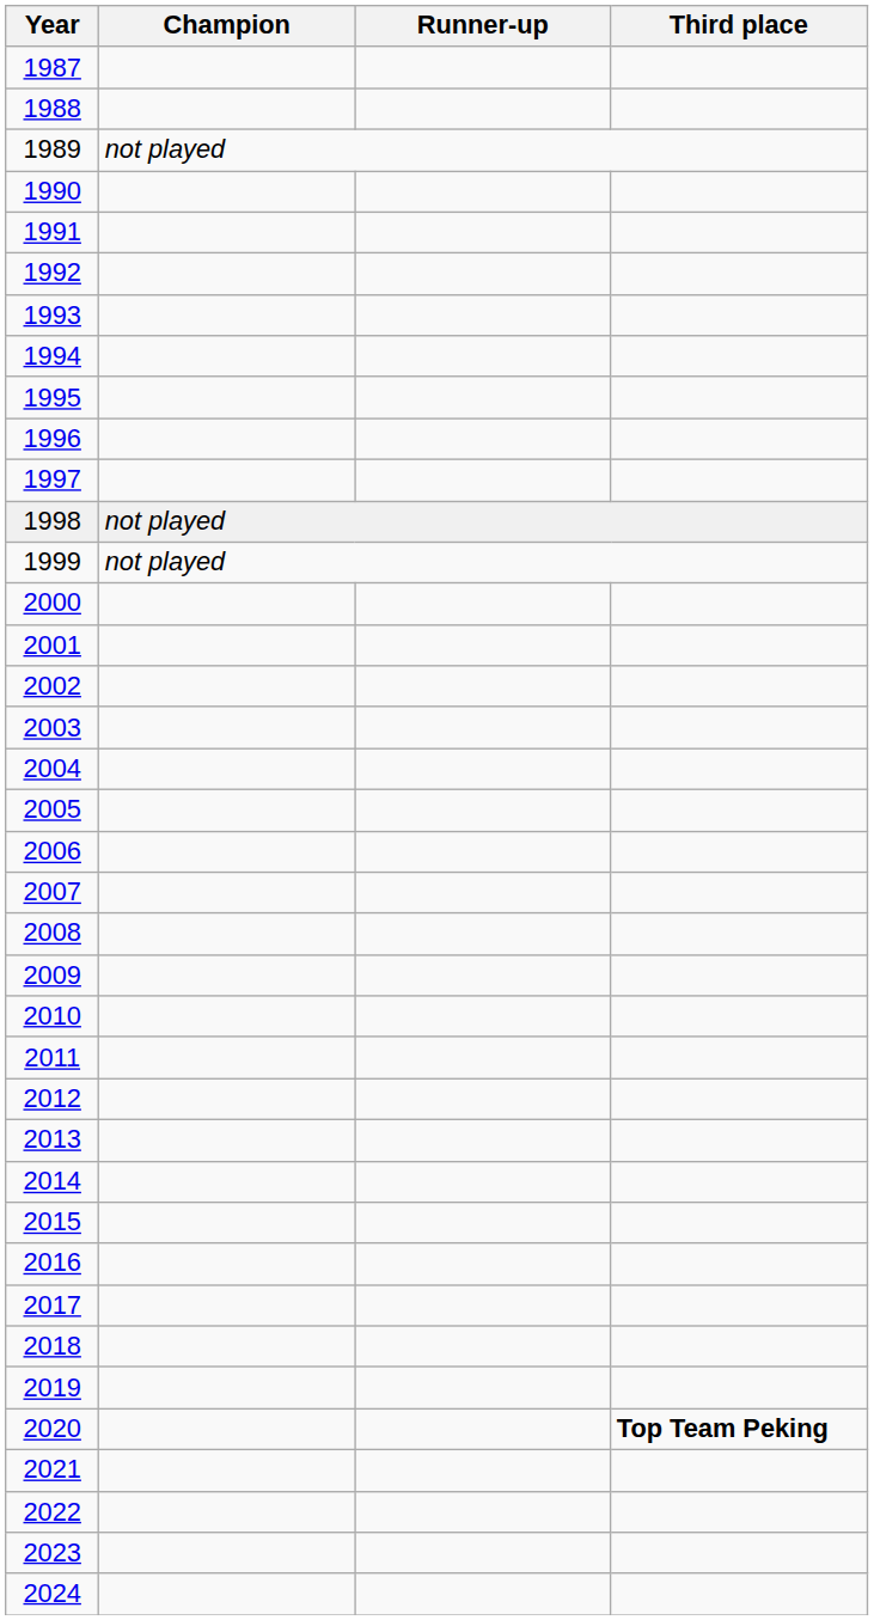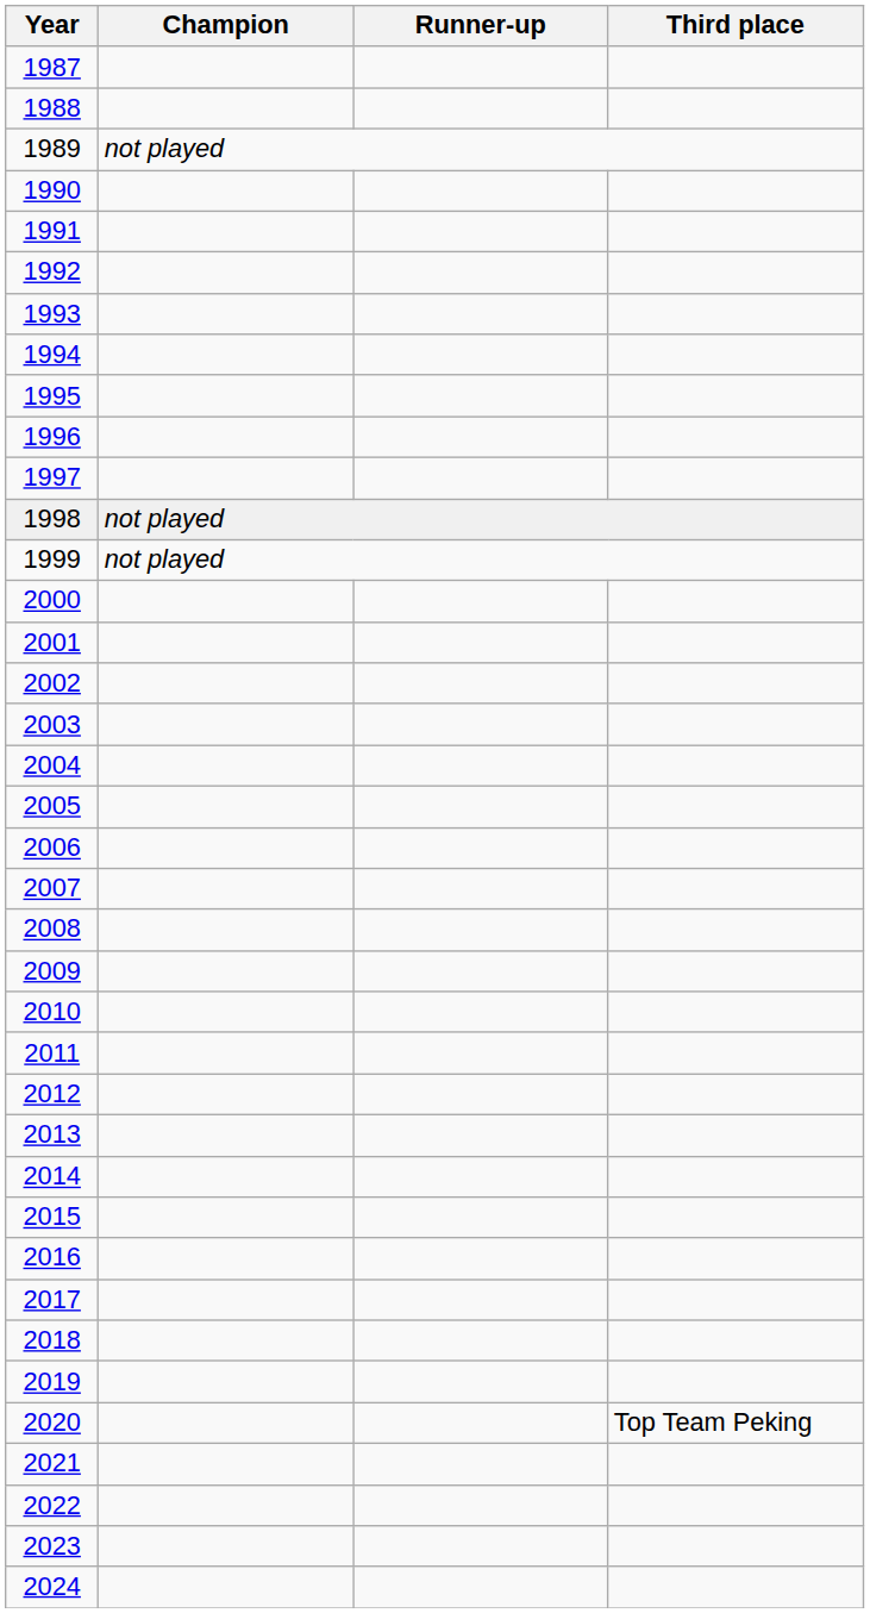 <table class="wikitable">
 <tr>
 <th width="50">Year</th>
 <th width="150">Champion</th>
 <th width="150">Runner-up</th>
 <th width="150">Third place</th>
 </tr>
 <tr>
 <td align="center"><a href='#'>1987</a></td>
 <td></td>
 <td></td>
 <td></td>
 </tr>
 <tr>
 <td align="center"><a href='#'>1988</a></td>
 <td></td>
 <td></td>
 <td></td>
 </tr>
 <tr>
 <td align="center">1989</td>
 <td colspan="3"><em>not played</em></td>
 </tr>
 <tr>
 <td align="center"><a href='#'>1990</a></td>
 <td></td>
 <td></td>
 <td></td>
 </tr>
 <tr>
 <td align="center"><a href='#'>1991</a></td>
 <td></td>
 <td></td>
 <td></td>
 </tr>
 <tr>
 <td align="center"><a href='#'>1992</a></td>
 <td></td>
 <td></td>
 <td></td>
 </tr>
 <tr>
 <td align="center"><a href='#'>1993</a></td>
 <td></td>
 <td></td>
 <td></td>
 </tr>
 <tr>
 <td align="center"><a href='#'>1994</a></td>
 <td></td>
 <td></td>
 <td></td>
 </tr>
 <tr>
 <td align="center"><a href='#'>1995</a></td>
 <td></td>
 <td></td>
 <td></td>
 </tr>
 <tr>
 <td align="center"><a href='#'>1996</a></td>
 <td></td>
 <td></td>
 <td></td>
 </tr>
 <tr>
 <td align="center"><a href='#'>1997</a></td>
 <td></td>
 <td></td>
 <td></td>
 </tr>
 <tr bgcolor="f0f0f0">
 <td align="center">1998</td>
 <td colspan="3"><em>not played</em></td>
 </tr>
 <tr>
 <td align="center">1999</td>
 <td colspan="3"><em>not played</em></td>
 </tr>
 <tr>
 <td align="center"><a href='#'>2000</a></td>
 <td></td>
 <td></td>
 <td></td>
 </tr>
 <tr>
 <td align="center"><a href='#'>2001</a></td>
 <td></td>
 <td></td>
 <td></td>
 </tr>
 <tr>
 <td align="center"><a href='#'>2002</a></td>
 <td></td>
 <td></td>
 <td></td>
 </tr>
 <tr>
 <td align="center"><a href='#'>2003</a></td>
 <td></td>
 <td></td>
 <td></td>
 </tr>
 <tr>
 <td align="center"><a href='#'>2004</a></td>
 <td></td>
 <td></td>
 <td></td>
 </tr>
 <tr>
 <td align="center"><a href='#'>2005</a></td>
 <td></td>
 <td></td>
 <td></td>
 </tr>
 <tr>
 <td align="center"><a href='#'>2006</a></td>
 <td></td>
 <td></td>
 <td></td>
 </tr>
 <tr>
 <td align="center"><a href='#'>2007</a></td>
 <td></td>
 <td></td>
 <td></td>
 </tr>
 <tr>
 <td align="center"><a href='#'>2008</a></td>
 <td></td>
 <td></td>
 <td></td>
 </tr>
 <tr>
 <td align="center"><a href='#'>2009</a></td>
 <td></td>
 <td></td>
 <td></td>
 </tr>
 <tr>
 <td align="center"><a href='#'>2010</a></td>
 <td></td>
 <td></td>
 <td></td>
 </tr>
 <tr>
 <td align="center"><a href='#'>2011</a></td>
 <td></td>
 <td></td>
 <td></td>
 </tr>
 <tr>
 <td align="center"><a href='#'>2012</a></td>
 <td></td>
 <td></td>
 <td></td>
 </tr>
 <tr>
 <td align="center"><a href='#'>2013</a></td>
 <td></td>
 <td></td>
 <td></td>
 </tr>
 <tr>
 <td align="center"><a href='#'>2014</a></td>
 <td></td>
 <td></td>
 <td></td>
 </tr>
 <tr>
 <td align="center"><a href='#'>2015</a></td>
 <td></td>
 <td></td>
 <td></td>
 </tr>
 <tr>
 <td align="center"><a href='#'>2016</a></td>
 <td></td>
 <td></td>
 <td></td>
 </tr>
 <tr>
 <td align="center"><a href='#'>2017</a></td>
 <td></td>
 <td></td>
 <td></td>
 </tr>
 <tr>
 <td align="center"><a href='#'>2018</a></td>
 <td></td>
 <td></td>
 <td></td>
 </tr>
 <tr>
 <td align="center"><a href='#'>2019</a></td>
 <td></td>
 <td></td>
 <td></td>
 </tr>
 <tr>
 <td align="center"><a href='#'>2020</a></td>
 <td></td>
 <td></td>
-<td><strong>Top Team Peking</strong></td>
+<td>Top Team Peking</td>
 </tr>
 <tr>
 <td align="center"><a href='#'>2021</a></td>
 <td></td>
 <td></td>
 <td></td>
 </tr>
 <tr>
 <td align="center"><a href='#'>2022</a></td>
 <td></td>
 <td></td>
 <td></td>
 </tr>
 <tr>
 <td align="center"><a href='#'>2023</a></td>
 <td></td>
 <td></td>
 <td></td>
 </tr>
 <tr>
 <td align="center"><a href='#'>2024</a></td>
 <td></td>
 <td></td>
 <td></td>
 </tr>
 </table>
